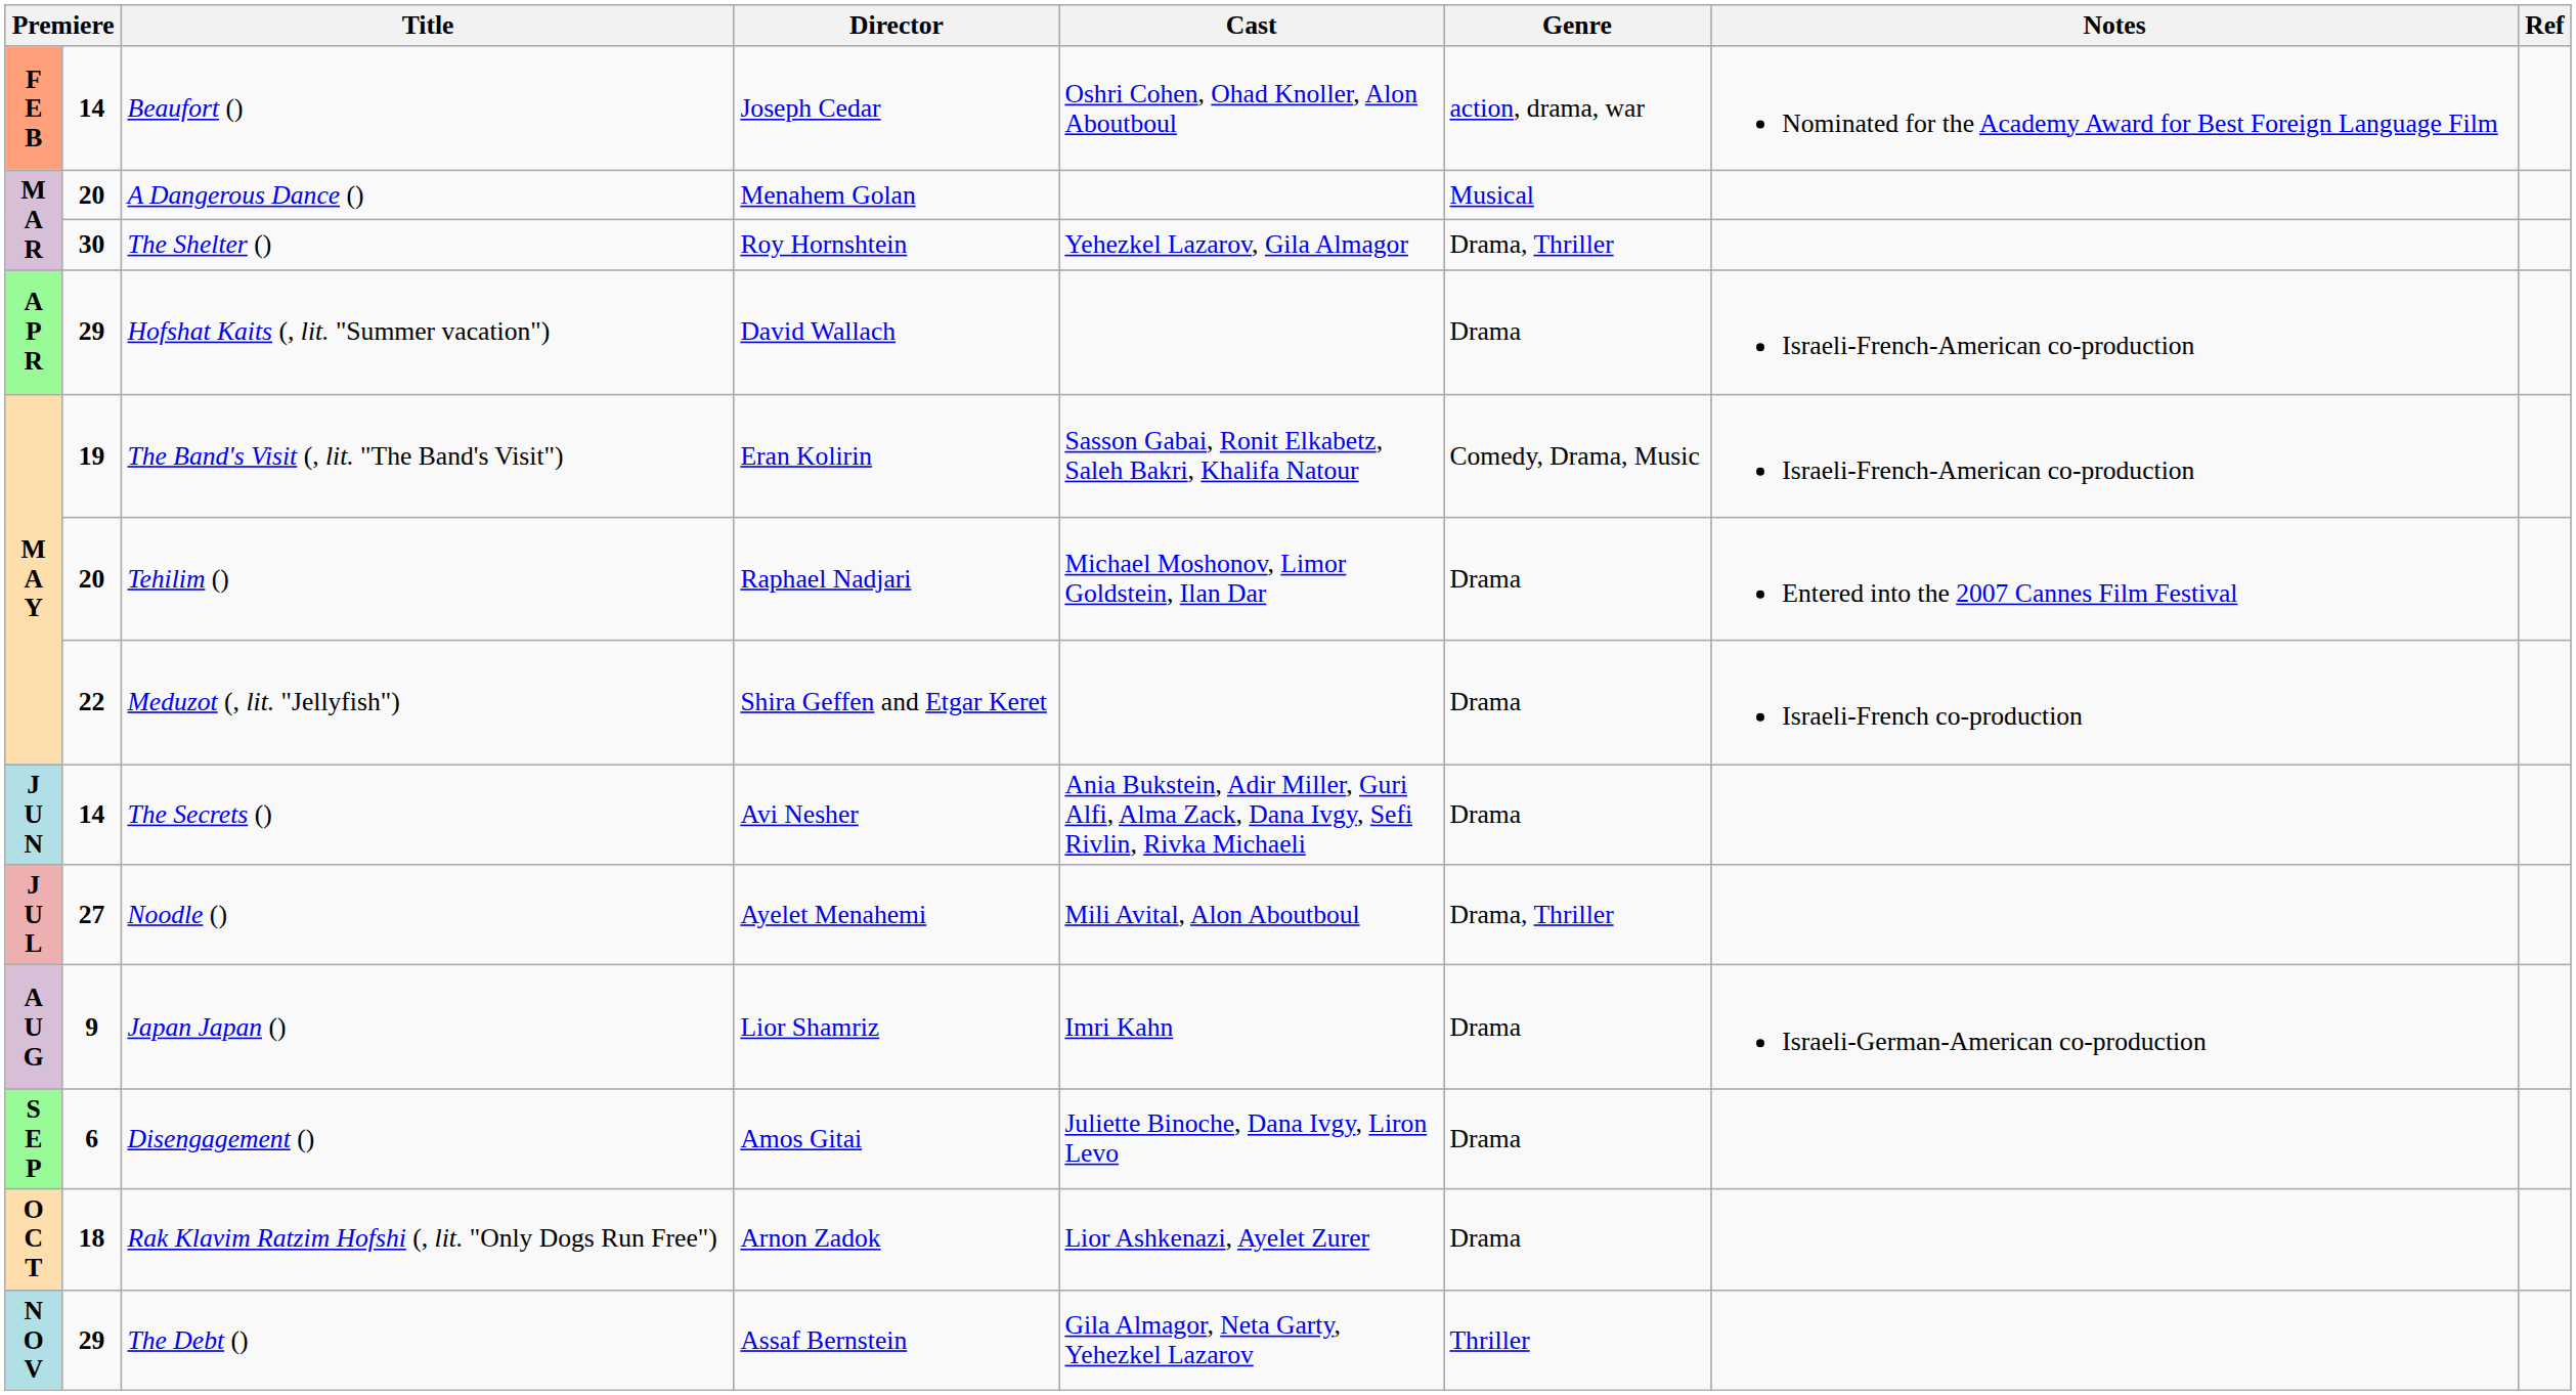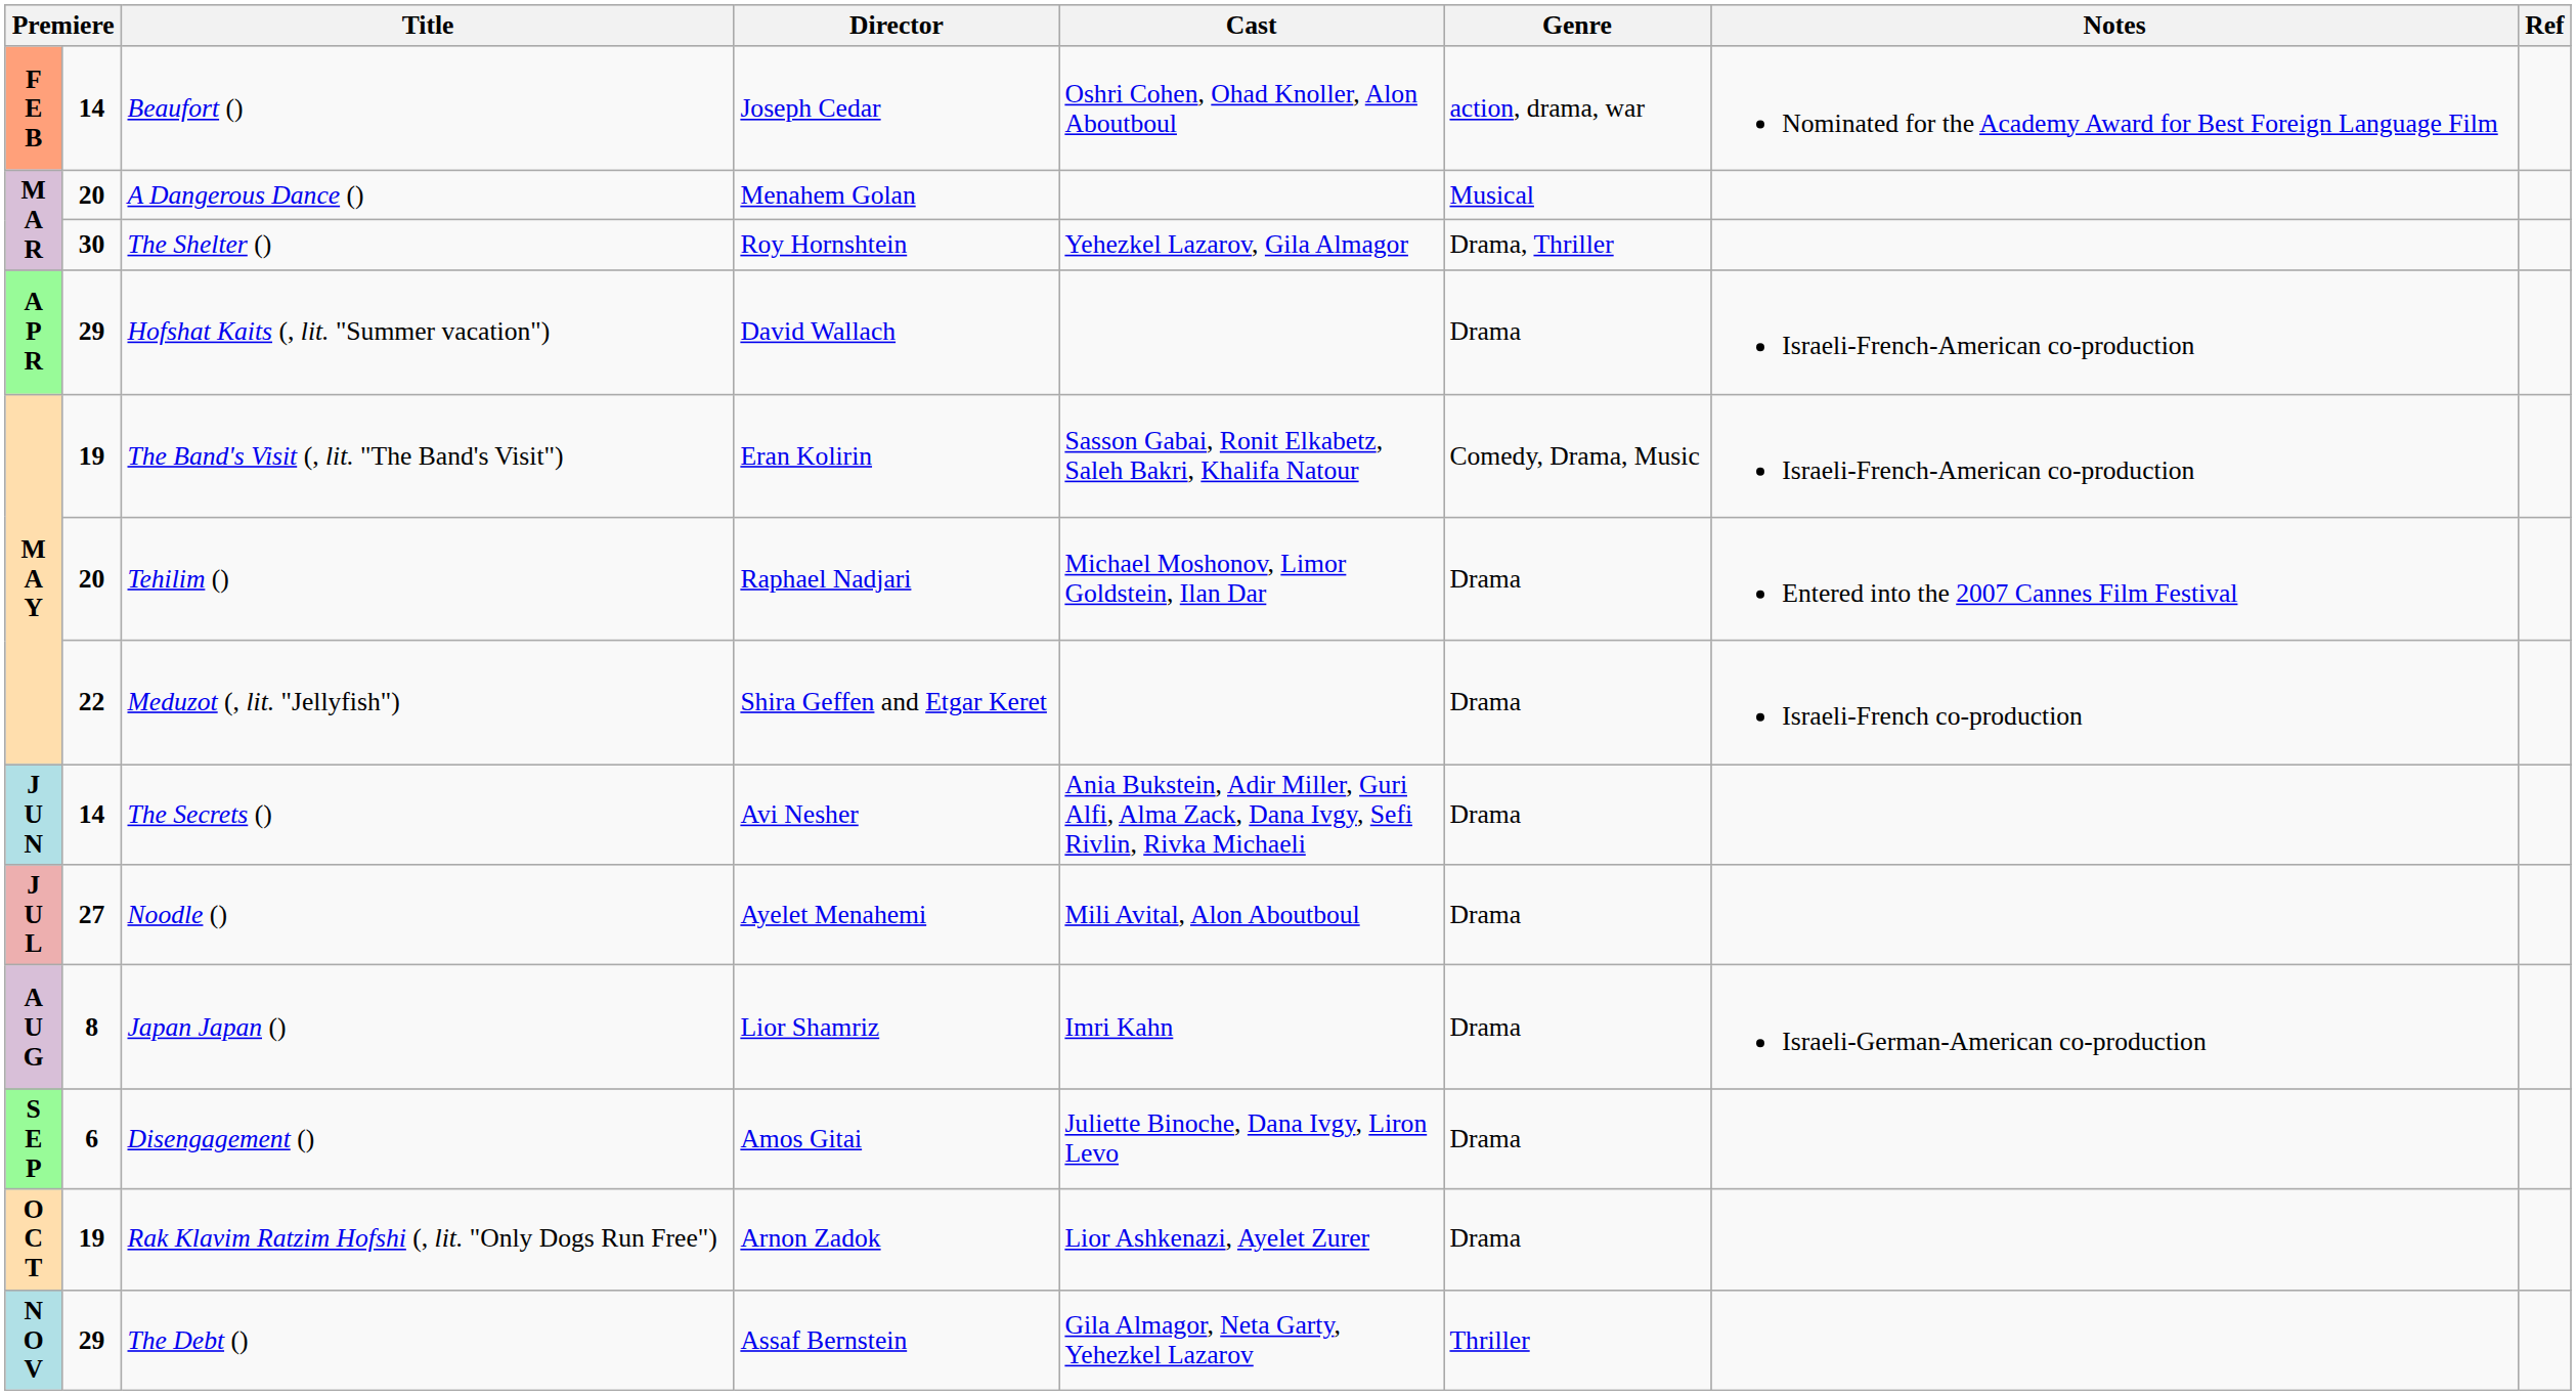 <table class="wikitable">
 <tr>
 <th colspan="2">Premiere</th>
 <th>Title</th>
 <th>Director</th>
 <th style="width:15%;">Cast</th>
 <th>Genre</th>
 <th>Notes</th>
 <th>Ref</th>
 </tr>
 <tr>
 <td style="text-align:center; background:#ffa07a; textcolor:#000;"><strong>F<br>E<br>B</strong></td>
 <td style="text-align:center;"><strong>14</strong></td>
 <td><em><a href='#'>Beaufort</a></em> ()</td>
 <td><a href='#'>Joseph Cedar</a></td>
 <td><a href='#'>Oshri Cohen</a>, <a href='#'>Ohad Knoller</a>, <a href='#'>Alon Aboutboul</a></td>
 <td><a href='#'>action</a>, drama, war</td>
 <td><br><ul><li>Nominated for the <a href='#'>Academy Award for Best Foreign Language Film</a></li></ul></td>
 <td></td>
 </tr>
 <tr>
 <td rowspan="2"   style="text-align:center; background:thistle; textcolor:#000;"><strong>M<br>A<br>R</strong></td>
 <td style="text-align:center;"><strong>20</strong></td>
 <td><em><a href='#'>A Dangerous Dance</a></em> ()</td>
 <td><a href='#'>Menahem Golan</a></td>
 <td></td>
 <td><a href='#'>Musical</a></td>
 <td></td>
 <td></td>
 </tr>
 <tr>
 <td style="text-align:center;"><strong>30</strong></td>
 <td><em><a href='#'>The Shelter</a></em> ()</td>
 <td><a href='#'>Roy Hornshtein</a></td>
 <td><a href='#'>Yehezkel Lazarov</a>, <a href='#'>Gila Almagor</a></td>
 <td>Drama, <a href='#'>Thriller</a></td>
 <td></td>
 <td></td>
 </tr>
 <tr>
 <td style="text-align:center; background:#98fb98; textcolor:#000;"><strong>A<br>P<br>R</strong></td>
 <td style="text-align:center;"><strong>29</strong></td>
 <td><em><a href='#'>Hofshat Kaits</a></em> (, <em>lit.</em> "Summer vacation")</td>
 <td><a href='#'>David Wallach</a></td>
 <td></td>
 <td>Drama</td>
 <td><br><ul><li>Israeli-French-American co-production</li></ul></td>
 <td></td>
 </tr>
 <tr>
 <td rowspan="3"   style="text-align:center; background:#ffdead; textcolor:#000;"><strong>M<br>A<br>Y</strong></td>
 <td style="text-align:center;"><strong>19</strong></td>
 <td><em><a href='#'>The Band's Visit</a></em> (, <em>lit.</em> "The Band's Visit")</td>
 <td><a href='#'>Eran Kolirin</a></td>
 <td><a href='#'>Sasson Gabai</a>, <a href='#'>Ronit Elkabetz</a>, <a href='#'>Saleh Bakri</a>, <a href='#'>Khalifa Natour</a></td>
 <td>Comedy, Drama, Music</td>
 <td><br><ul><li>Israeli-French-American co-production</li></ul></td>
 <td></td>
 </tr>
 <tr>
 <td style="text-align:center;"><strong>20</strong></td>
 <td><em><a href='#'>Tehilim</a></em> ()</td>
 <td><a href='#'>Raphael Nadjari</a></td>
 <td><a href='#'>Michael Moshonov</a>, <a href='#'>Limor Goldstein</a>, <a href='#'>Ilan Dar</a></td>
 <td>Drama</td>
 <td><br><ul><li>Entered into the <a href='#'>2007 Cannes Film Festival</a></li></ul></td>
 <td></td>
 </tr>
 <tr>
 <td style="text-align:center;"><strong>22</strong></td>
 <td><em><a href='#'>Meduzot</a></em> (, <em>lit.</em> "Jellyfish")</td>
 <td><a href='#'>Shira Geffen</a> and <a href='#'>Etgar Keret</a></td>
 <td></td>
 <td>Drama</td>
 <td><br><ul><li>Israeli-French co-production</li></ul></td>
 <td></td>
 </tr>
 <tr>
 <td style="text-align:center; background:#b0e0e6; textcolor:#000;"><strong>J<br>U<br>N</strong></td>
 <td style="text-align:center;"><strong>14</strong></td>
 <td><em><a href='#'>The Secrets</a></em> ()</td>
 <td><a href='#'>Avi Nesher</a></td>
 <td><a href='#'>Ania Bukstein</a>, <a href='#'>Adir Miller</a>, <a href='#'>Guri Alfi</a>, <a href='#'>Alma Zack</a>, <a href='#'>Dana Ivgy</a>, <a href='#'>Sefi Rivlin</a>, <a href='#'>Rivka Michaeli</a></td>
 <td>Drama</td>
 <td></td>
 <td></td>
 </tr>
 <tr>
 <td style="text-align:center; background:#edafaf; textcolor:#000;"><strong>J<br>U<br>L</strong></td>
 <td style="text-align:center;"><strong>27</strong></td>
 <td><em><a href='#'>Noodle</a></em> ()</td>
 <td><a href='#'>Ayelet Menahemi</a></td>
 <td><a href='#'>Mili Avital</a>, <a href='#'>Alon Aboutboul</a></td>
-<td>Drama, <a href='#'>Thriller</a></td>
+<td>Drama</td>
 <td></td>
 <td></td>
 </tr>
 <tr>
 <td style="text-align:center; background:thistle; textcolor:#000;"><strong>A<br>U<br>G</strong></td>
-<td style="text-align:center;"><strong>9</strong></td>
+<td style="text-align:center;"><strong>8</strong></td>
 <td><em><a href='#'>Japan Japan</a></em> ()</td>
 <td><a href='#'>Lior Shamriz</a></td>
 <td><a href='#'>Imri Kahn</a></td>
 <td>Drama</td>
 <td><br><ul><li>Israeli-German-American co-production</li></ul></td>
 <td></td>
 </tr>
 <tr>
 <td style="text-align:center; background:#98fb98; textcolor:#000;"><strong>S<br>E<br>P</strong></td>
 <td style="text-align:center;"><strong>6</strong></td>
 <td><em><a href='#'>Disengagement</a></em> ()</td>
 <td><a href='#'>Amos Gitai</a></td>
 <td><a href='#'>Juliette Binoche</a>, <a href='#'>Dana Ivgy</a>, <a href='#'>Liron Levo</a></td>
 <td>Drama</td>
 <td></td>
 <td></td>
 </tr>
 <tr>
 <td style="text-align:center; background:#ffdead; textcolor:#000;"><strong>O<br>C<br>T</strong></td>
-<td style="text-align:center;"><strong>18</strong></td>
+<td style="text-align:center;"><strong>19</strong></td>
 <td><em><a href='#'>Rak Klavim Ratzim Hofshi</a></em> (, <em>lit.</em> "Only Dogs Run Free")</td>
 <td><a href='#'>Arnon Zadok</a></td>
 <td><a href='#'>Lior Ashkenazi</a>, <a href='#'>Ayelet Zurer</a></td>
 <td>Drama</td>
 <td></td>
 <td></td>
 </tr>
 <tr>
 <td style="text-align:center; background:#b0e0e6; textcolor:#000;"><strong>N<br>O<br>V</strong></td>
 <td style="text-align:center;"><strong>29</strong></td>
 <td><em><a href='#'>The Debt</a></em> ()</td>
 <td><a href='#'>Assaf Bernstein</a></td>
 <td><a href='#'>Gila Almagor</a>, <a href='#'>Neta Garty</a>, <a href='#'>Yehezkel Lazarov</a></td>
 <td><a href='#'>Thriller</a></td>
 <td></td>
 <td></td>
 </tr>
 </table>
